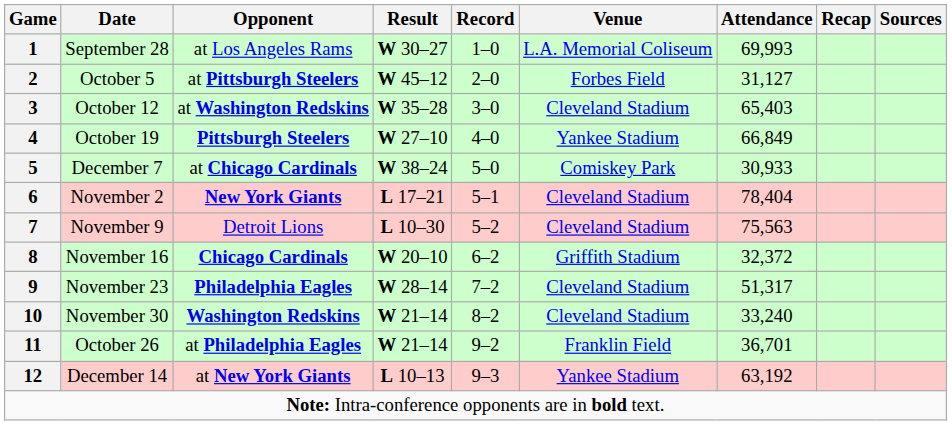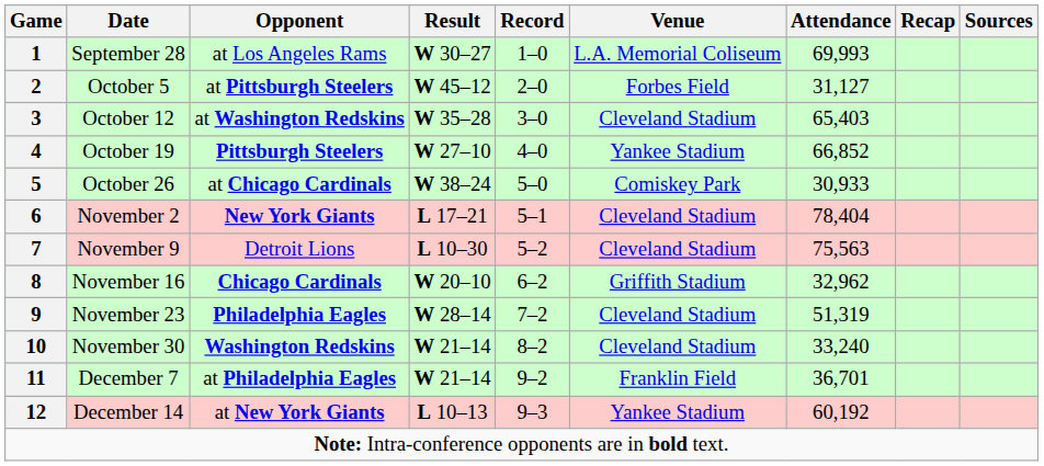 <table class="wikitable" style="text-align:center">
 <tr>
 <th>Game</th>
 <th>Date</th>
 <th>Opponent</th>
 <th>Result</th>
 <th>Record</th>
 <th>Venue</th>
 <th>Attendance</th>
 <th>Recap</th>
 <th>Sources</th>
 </tr>
 <tr style="background:#cfc">
 <th>1</th>
 <td>September 28</td>
 <td>at <a href='#'>Los Angeles Rams</a></td>
 <td><strong>W</strong> 30–27</td>
 <td>1–0</td>
 <td><a href='#'>L.A. Memorial Coliseum</a></td>
 <td>69,993</td>
 <td></td>
 <td></td>
 </tr>
 <tr style="background:#cfc">
 <th>2</th>
 <td>October 5</td>
 <td>at <strong><a href='#'>Pittsburgh Steelers</a></strong></td>
 <td><strong>W</strong> 45–12</td>
 <td>2–0</td>
 <td><a href='#'>Forbes Field</a></td>
 <td>31,127</td>
 <td></td>
 <td></td>
 </tr>
 <tr style="background:#cfc">
 <th>3</th>
 <td>October 12</td>
 <td>at <strong><a href='#'>Washington Redskins</a></strong></td>
 <td><strong>W</strong> 35–28</td>
 <td>3–0</td>
 <td><a href='#'>Cleveland Stadium</a></td>
 <td>65,403</td>
 <td></td>
 <td></td>
 </tr>
 <tr style="background:#cfc">
 <th>4</th>
 <td>October 19</td>
 <td><strong><a href='#'>Pittsburgh Steelers</a></strong></td>
 <td><strong>W</strong> 27–10</td>
 <td>4–0</td>
 <td><a href='#'>Yankee Stadium</a></td>
-<td>66,849</td>
+<td>66,852</td>
 <td></td>
 <td></td>
 </tr>
 <tr style="background:#cfc">
 <th>5</th>
-<td>December 7</td>
+<td>October 26</td>
 <td>at <strong><a href='#'>Chicago Cardinals</a></strong></td>
 <td><strong>W</strong> 38–24</td>
 <td>5–0</td>
 <td><a href='#'>Comiskey Park</a></td>
 <td>30,933</td>
 <td></td>
 <td></td>
 </tr>
 <tr style="background:#fcc">
 <th>6</th>
 <td>November 2</td>
 <td><strong><a href='#'>New York Giants</a></strong></td>
 <td><strong>L</strong> 17–21</td>
 <td>5–1</td>
 <td><a href='#'>Cleveland Stadium</a></td>
 <td>78,404</td>
 <td></td>
 <td></td>
 </tr>
 <tr style="background:#fcc">
 <th>7</th>
 <td>November 9</td>
 <td><a href='#'>Detroit Lions</a></td>
 <td><strong>L</strong> 10–30</td>
 <td>5–2</td>
 <td><a href='#'>Cleveland Stadium</a></td>
 <td>75,563</td>
 <td></td>
 <td></td>
 </tr>
 <tr style="background:#cfc">
 <th>8</th>
 <td>November 16</td>
 <td><strong><a href='#'>Chicago Cardinals</a></strong></td>
 <td><strong>W</strong> 20–10</td>
 <td>6–2</td>
 <td><a href='#'>Griffith Stadium</a></td>
-<td>32,372</td>
+<td>32,962</td>
 <td></td>
 <td></td>
 </tr>
 <tr style="background:#cfc">
 <th>9</th>
 <td>November 23</td>
 <td><strong><a href='#'>Philadelphia Eagles</a></strong></td>
 <td><strong>W</strong> 28–14</td>
 <td>7–2</td>
 <td><a href='#'>Cleveland Stadium</a></td>
-<td>51,317</td>
+<td>51,319</td>
 <td></td>
 <td></td>
 </tr>
 <tr style="background:#cfc">
 <th>10</th>
 <td>November 30</td>
 <td><strong><a href='#'>Washington Redskins</a></strong></td>
 <td><strong>W</strong> 21–14</td>
 <td>8–2</td>
 <td><a href='#'>Cleveland Stadium</a></td>
 <td>33,240</td>
 <td></td>
 <td></td>
 </tr>
 <tr style="background:#cfc">
 <th>11</th>
-<td>October 26</td>
+<td>December 7</td>
 <td>at <strong><a href='#'>Philadelphia Eagles</a></strong></td>
 <td><strong>W</strong> 21–14</td>
 <td>9–2</td>
 <td><a href='#'>Franklin Field</a></td>
 <td>36,701</td>
 <td></td>
 <td></td>
 </tr>
 <tr style="background:#fcc">
 <th>12</th>
 <td>December 14</td>
 <td>at <strong><a href='#'>New York Giants</a></strong></td>
 <td><strong>L</strong> 10–13</td>
 <td>9–3</td>
 <td><a href='#'>Yankee Stadium</a></td>
-<td>63,192</td>
+<td>60,192</td>
 <td></td>
 <td></td>
 </tr>
 <tr>
 <td colspan="10"><strong>Note:</strong> Intra-conference opponents are in <strong>bold</strong> text.</td>
 </tr>
 </table>
